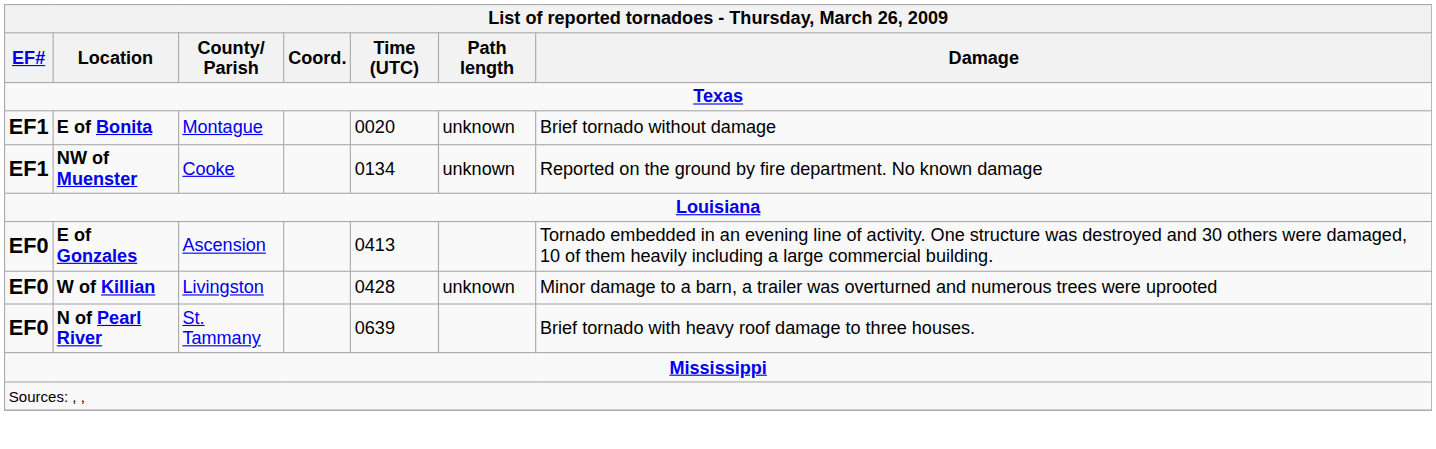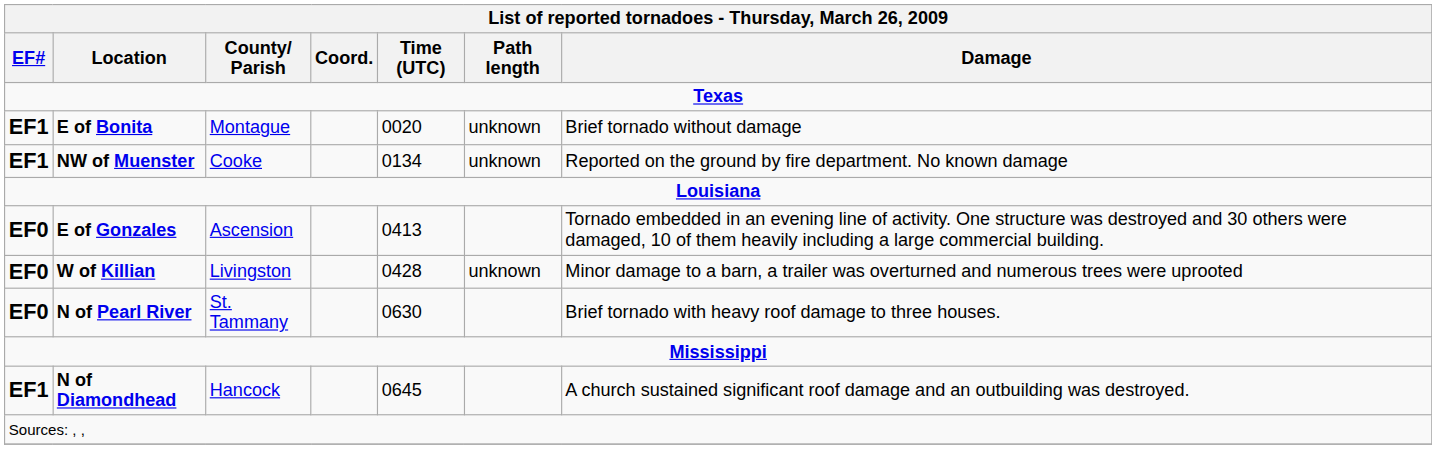 <table class="wikitable collapsible" width="100%">
 <tr>
 <th colspan="7">List of reported tornadoes - Thursday, March 26, 2009</th>
 </tr>
 <tr>
 <th><a href='#'>EF#</a></th>
 <th>Location</th>
 <th>County/<br>Parish</th>
 <th>Coord.</th>
 <th>Time (UTC)</th>
 <th>Path length</th>
 <th>Damage</th>
 </tr>
 <tr>
 <td colspan="7" align=center><strong><a href='#'>Texas</a></strong></td>
 </tr>
 <tr>
 <td><big><strong>EF1</strong></big></td>
 <td><strong>E of <a href='#'>Bonita</a></strong></td>
 <td><a href='#'>Montague</a></td>
 <td></td>
 <td>0020</td>
 <td>unknown</td>
 <td>Brief tornado without damage</td>
 </tr>
 <tr>
 <td><big><strong>EF1</strong></big></td>
 <td><strong>NW of <a href='#'>Muenster</a></strong></td>
 <td><a href='#'>Cooke</a></td>
 <td></td>
 <td>0134</td>
 <td>unknown</td>
 <td>Reported on the ground by fire department. No known damage</td>
 </tr>
 <tr>
 <td colspan="7" align=center><strong><a href='#'>Louisiana</a></strong></td>
 </tr>
 <tr>
 <td><big><strong>EF0</strong></big></td>
 <td><strong>E of <a href='#'>Gonzales</a></strong></td>
 <td><a href='#'>Ascension</a></td>
 <td></td>
 <td>0413</td>
 <td></td>
 <td>Tornado embedded in an evening line of activity. One structure was destroyed and 30 others were damaged, 10 of them heavily including a large commercial building.</td>
 </tr>
 <tr>
 <td><big><strong>EF0</strong></big></td>
 <td><strong>W of <a href='#'>Killian</a></strong></td>
 <td><a href='#'>Livingston</a></td>
 <td></td>
 <td>0428</td>
 <td>unknown</td>
 <td>Minor damage to a barn, a trailer was overturned and numerous trees were uprooted</td>
 </tr>
 <tr>
 <td><big><strong>EF0</strong></big></td>
 <td><strong>N of <a href='#'>Pearl River</a></strong></td>
 <td><a href='#'>St. Tammany</a></td>
 <td></td>
-<td>0639</td>
+<td>0630</td>
 <td></td>
 <td>Brief tornado with heavy roof damage to three houses.</td>
 </tr>
 <tr>
 <td colspan="7" align=center><strong><a href='#'>Mississippi</a></strong></td>
 </tr>
 <tr>
+<td><big><strong>EF1</strong></big></td>
+<td><strong>N of <a href='#'>Diamondhead</a></strong></td>
+<td><a href='#'>Hancock</a></td>
+<td></td>
+<td>0645</td>
+<td></td>
+<td>A church sustained significant roof damage and an outbuilding was destroyed.</td>
+</tr>
+<tr>
 <td colspan="7"><small>Sources: , , </small></td>
 </tr>
 <tr>
 </tr>
 </table>
